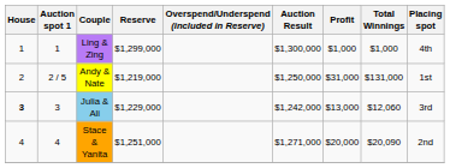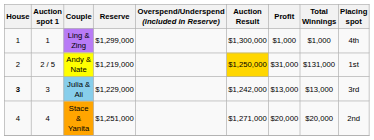 <table class="wikitable" style="text-align: center; font-size: 9pt; line-height:16px; width:70%" |>
 <tr>
 <th>House</th>
 <th>Auction spot 1</th>
 <th>Couple</th>
 <th>Reserve</th>
 <th>Overspend/Underspend<br><em>(included in Reserve)</em></th>
 <th>Auction Result</th>
 <th>Profit</th>
 <th>Total Winnings</th>
 <th>Placing spot</th>
 </tr>
 <tr>
 <td>1</td>
 <td style="text-align:center">1</td>
 <td style='background:#B87BF6;'>Ling & Zing</td>
 <td style="text-align:center">$1,299,000</td>
 <td></td>
 <td style="text-align:center">$1,300,000</td>
 <td style="text-align:center">$1,000</td>
 <td style="text-align:center">$1,000</td>
 <td style="text-align:center">4th</td>
 </tr>
 <tr>
 <td>2</td>
 <td style="text-align:center">2 / 5</td>
 <td style='background:yellow;'>Andy & Nate</td>
 <td style="text-align:center">$1,219,000</td>
 <td></td>
-<td style="text-align:center">$1,250,000</td>
+<td style="background: gold; text-align:center">$1,250,000</td>
 <td style="text-align:center">$31,000</td>
 <td style="text-align:center">$131,000</td>
 <td style="text-align:center">1st</td>
 </tr>
 <tr>
 <td><strong>3</strong></td>
 <td style="text-align:center">3</td>
 <td style='background:skyblue;'>Julia & Ali</td>
 <td style="text-align:center">$1,229,000</td>
 <td></td>
 <td style="text-align:center">$1,242,000</td>
 <td style="text-align:center">$13,000</td>
-<td style="text-align:center">$12,060</td>
+<td style="text-align:center">$13,000</td>
 <td style="text-align:center">3rd</td>
 </tr>
 <tr>
 <td>4</td>
 <td style="text-align:center">4</td>
 <td style='background:orange;'>Stace & Yanita</td>
 <td style="text-align:center">$1,251,000</td>
 <td></td>
 <td style="text-align:center">$1,271,000</td>
 <td style="text-align:center">$20,000</td>
-<td style="text-align:center">$20,090</td>
+<td style="text-align:center">$20,000</td>
 <td style="text-align:center">2nd</td>
 </tr>
 <tr>
 </tr>
 </table>
